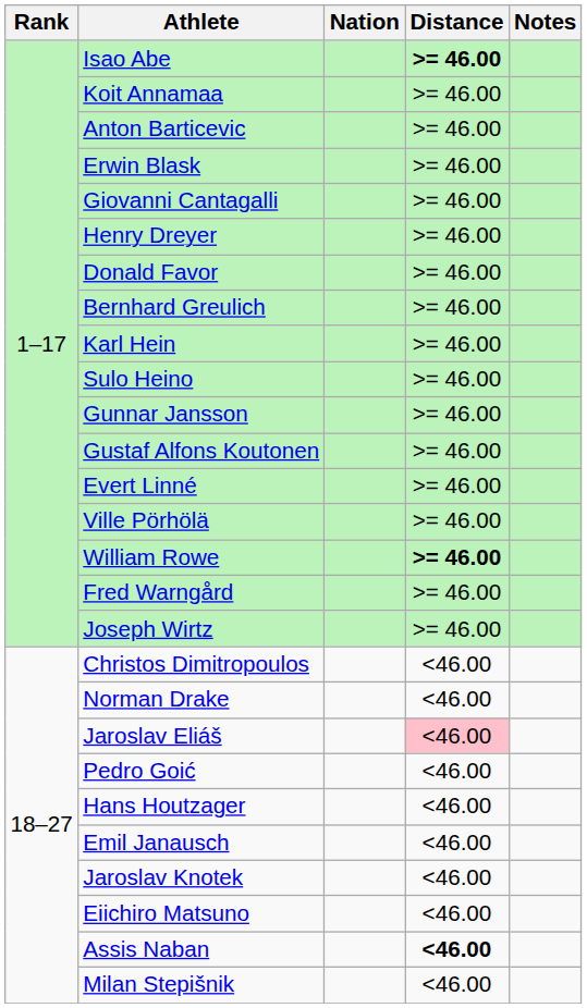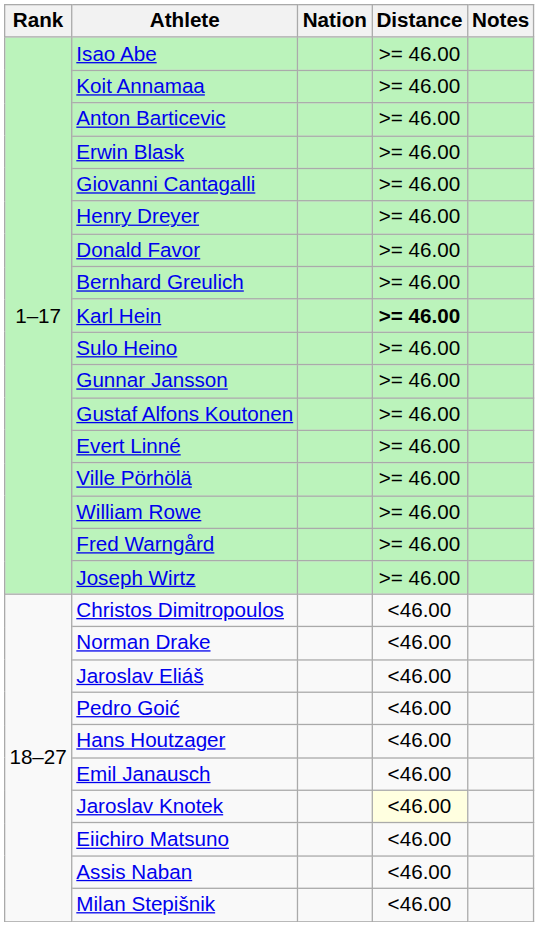 <table class="wikitable sortable" style="text-align:center">
 <tr>
 <th>Rank</th>
 <th>Athlete</th>
 <th>Nation</th>
 <th>Distance</th>
 <th>Notes</th>
 </tr>
 <tr bgcolor=bbf3bb>
 <td rowspan=17 data-sort-value=1>1–17</td>
 <td align=left><a href='#'>Isao Abe</a></td>
 <td align=left></td>
-<td><strong>>= 46.00</strong></td>
+<td>>= 46.00</td>
 <td></td>
 </tr>
 <tr bgcolor=bbf3bb>
 <td align=left><a href='#'>Koit Annamaa</a></td>
 <td align=left></td>
 <td>>= 46.00</td>
 <td></td>
 </tr>
 <tr bgcolor=bbf3bb>
 <td align=left><a href='#'>Anton Barticevic</a></td>
 <td align=left></td>
 <td>>= 46.00</td>
 <td></td>
 </tr>
 <tr bgcolor=bbf3bb>
 <td align=left><a href='#'>Erwin Blask</a></td>
 <td align=left></td>
 <td>>= 46.00</td>
 <td></td>
 </tr>
 <tr bgcolor=bbf3bb>
 <td align=left><a href='#'>Giovanni Cantagalli</a></td>
 <td align=left></td>
 <td>>= 46.00</td>
 <td></td>
 </tr>
 <tr bgcolor=bbf3bb>
 <td align=left><a href='#'>Henry Dreyer</a></td>
 <td align=left></td>
 <td>>= 46.00</td>
 <td></td>
 </tr>
 <tr bgcolor=bbf3bb>
 <td align=left><a href='#'>Donald Favor</a></td>
 <td align=left></td>
 <td>>= 46.00</td>
 <td></td>
 </tr>
 <tr bgcolor=bbf3bb>
 <td align=left><a href='#'>Bernhard Greulich</a></td>
 <td align=left></td>
 <td>>= 46.00</td>
 <td></td>
 </tr>
 <tr bgcolor=bbf3bb>
 <td align=left><a href='#'>Karl Hein</a></td>
 <td align=left></td>
-<td>>= 46.00</td>
+<td><strong>>= 46.00</strong></td>
 <td></td>
 </tr>
 <tr bgcolor=bbf3bb>
 <td align=left><a href='#'>Sulo Heino</a></td>
 <td align=left></td>
 <td>>= 46.00</td>
 <td></td>
 </tr>
 <tr bgcolor=bbf3bb>
 <td align=left><a href='#'>Gunnar Jansson</a></td>
 <td align=left></td>
 <td>>= 46.00</td>
 <td></td>
 </tr>
 <tr bgcolor=bbf3bb>
 <td align=left><a href='#'>Gustaf Alfons Koutonen</a></td>
 <td align=left></td>
 <td>>= 46.00</td>
 <td></td>
 </tr>
 <tr bgcolor=bbf3bb>
 <td align=left><a href='#'>Evert Linné</a></td>
 <td align=left></td>
 <td>>= 46.00</td>
 <td></td>
 </tr>
 <tr bgcolor=bbf3bb>
 <td align=left><a href='#'>Ville Pörhölä</a></td>
 <td align=left></td>
 <td>>= 46.00</td>
 <td></td>
 </tr>
 <tr bgcolor=bbf3bb>
 <td align=left><a href='#'>William Rowe</a></td>
 <td align=left></td>
-<td><strong>>= 46.00</strong></td>
+<td>>= 46.00</td>
 <td></td>
 </tr>
 <tr bgcolor=bbf3bb>
 <td align=left><a href='#'>Fred Warngård</a></td>
 <td align=left></td>
 <td>>= 46.00</td>
 <td></td>
 </tr>
 <tr bgcolor=bbf3bb>
 <td align=left><a href='#'>Joseph Wirtz</a></td>
 <td align=left></td>
 <td>>= 46.00</td>
 <td></td>
 </tr>
 <tr>
 <td rowspan=10 data-sort-value=18>18–27</td>
 <td align=left><a href='#'>Christos Dimitropoulos</a></td>
 <td align=left></td>
 <td><46.00</td>
 <td></td>
 </tr>
 <tr>
 <td align=left><a href='#'>Norman Drake</a></td>
 <td align=left></td>
 <td><46.00</td>
 <td></td>
 </tr>
 <tr>
 <td align=left><a href='#'>Jaroslav Eliáš</a></td>
 <td align=left></td>
-<td style="background: pink;"><46.00</td>
+<td><46.00</td>
 <td></td>
 </tr>
 <tr>
 <td align=left><a href='#'>Pedro Goić</a></td>
 <td align=left></td>
 <td><46.00</td>
 <td></td>
 </tr>
 <tr>
 <td align=left><a href='#'>Hans Houtzager</a></td>
 <td align=left></td>
 <td><46.00</td>
 <td></td>
 </tr>
 <tr>
 <td align=left><a href='#'>Emil Janausch</a></td>
 <td align=left></td>
 <td><46.00</td>
 <td></td>
 </tr>
 <tr>
 <td align=left><a href='#'>Jaroslav Knotek</a></td>
 <td align=left></td>
-<td><46.00</td>
+<td style="background: lightyellow;"><46.00</td>
 <td></td>
 </tr>
 <tr>
 <td align=left><a href='#'>Eiichiro Matsuno</a></td>
 <td align=left></td>
 <td><46.00</td>
 <td></td>
 </tr>
 <tr>
 <td align=left><a href='#'>Assis Naban</a></td>
 <td align=left></td>
-<td><strong><46.00</strong></td>
+<td><46.00</td>
 <td></td>
 </tr>
 <tr>
 <td align=left><a href='#'>Milan Stepišnik</a></td>
 <td align=left></td>
 <td><46.00</td>
 <td></td>
 </tr>
 </table>
